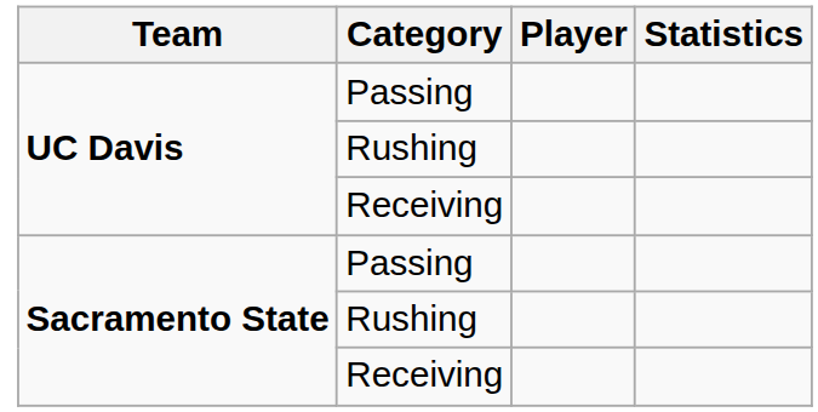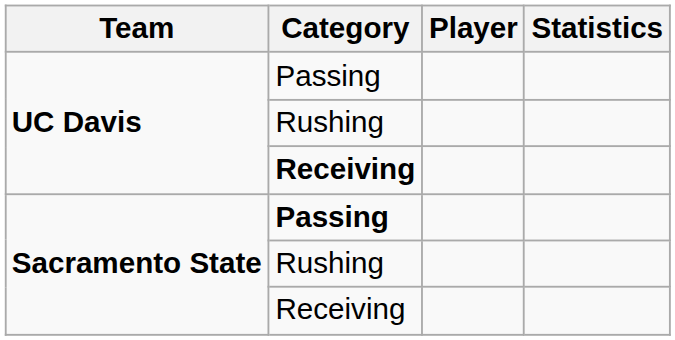 <table class="wikitable" style="float: right;">
 <tr>
 <th>Team</th>
 <th>Category</th>
 <th>Player</th>
 <th>Statistics</th>
 </tr>
 <tr>
 <td rowspan=3><strong>UC Davis</strong></td>
 <td>Passing</td>
 <td></td>
 <td></td>
 </tr>
 <tr>
 <td>Rushing</td>
 <td></td>
 <td></td>
 </tr>
 <tr>
-<td>Receiving</td>
+<td><strong>Receiving</strong></td>
 <td></td>
 <td></td>
 </tr>
 <tr>
 <td rowspan=3><strong>Sacramento State</strong></td>
-<td>Passing</td>
+<td><strong>Passing</strong></td>
 <td></td>
 <td></td>
 </tr>
 <tr>
 <td>Rushing</td>
 <td></td>
 <td></td>
 </tr>
 <tr>
 <td>Receiving</td>
 <td></td>
 <td></td>
 </tr>
 </table>
